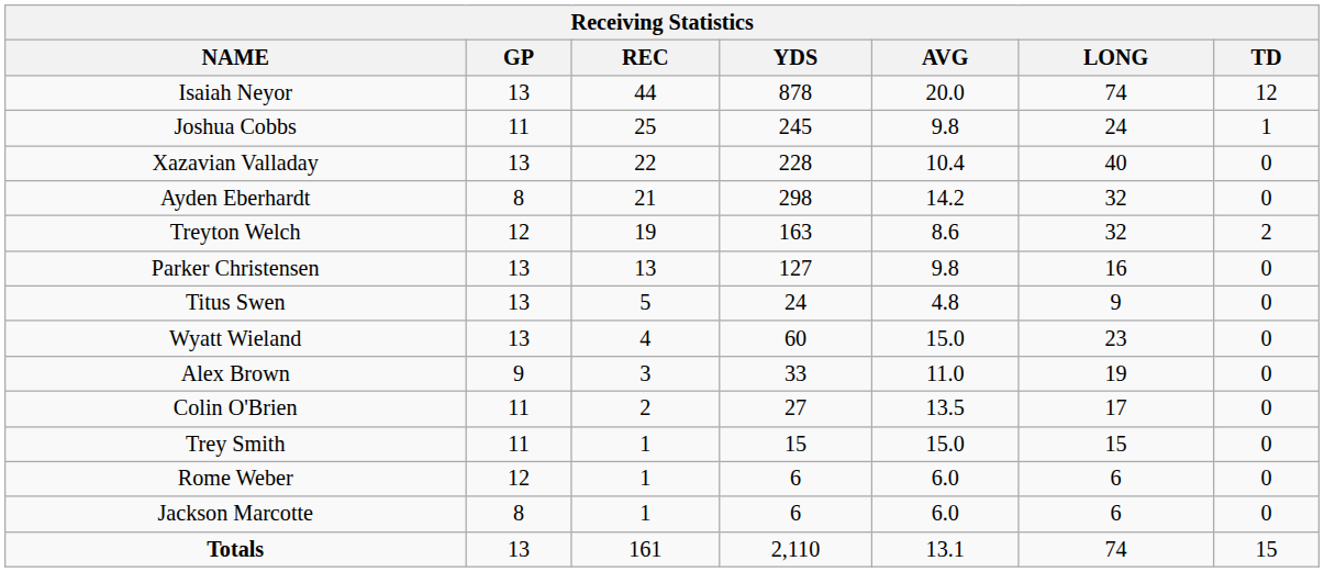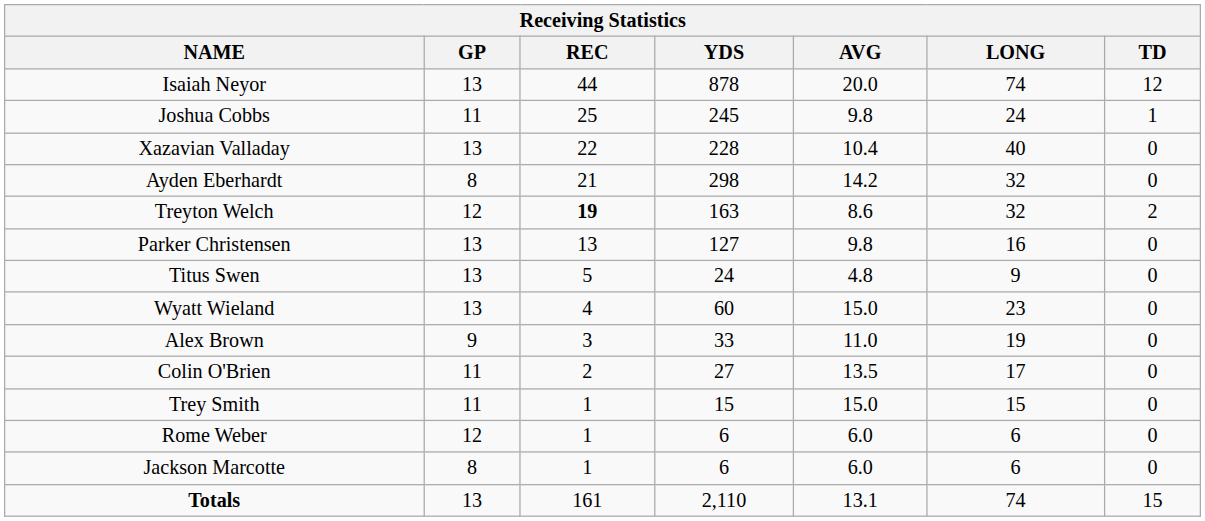 <table style="width:60%; text-align:center;" class="wikitable collapsible collapsed">
 <tr>
 <th colspan="7">Receiving Statistics</th>
 </tr>
 <tr>
 <th>NAME</th>
 <th>GP</th>
 <th>REC</th>
 <th>YDS</th>
 <th>AVG</th>
 <th>LONG</th>
 <th>TD</th>
 </tr>
 <tr>
 <td>Isaiah Neyor</td>
 <td>13</td>
 <td>44</td>
 <td>878</td>
 <td>20.0</td>
 <td>74</td>
 <td>12</td>
 </tr>
 <tr>
 <td>Joshua Cobbs</td>
 <td>11</td>
 <td>25</td>
 <td>245</td>
 <td>9.8</td>
 <td>24</td>
 <td>1</td>
 </tr>
 <tr>
 <td>Xazavian Valladay</td>
 <td>13</td>
 <td>22</td>
 <td>228</td>
 <td>10.4</td>
 <td>40</td>
 <td>0</td>
 </tr>
 <tr>
 <td>Ayden Eberhardt</td>
 <td>8</td>
 <td>21</td>
 <td>298</td>
 <td>14.2</td>
 <td>32</td>
 <td>0</td>
 </tr>
 <tr>
 <td>Treyton Welch</td>
 <td>12</td>
-<td>19</td>
+<td><strong>19</strong></td>
 <td>163</td>
 <td>8.6</td>
 <td>32</td>
 <td>2</td>
 </tr>
 <tr>
 <td>Parker Christensen</td>
 <td>13</td>
 <td>13</td>
 <td>127</td>
 <td>9.8</td>
 <td>16</td>
 <td>0</td>
 </tr>
 <tr>
 <td>Titus Swen</td>
 <td>13</td>
 <td>5</td>
 <td>24</td>
 <td>4.8</td>
 <td>9</td>
 <td>0</td>
 </tr>
 <tr>
 <td>Wyatt Wieland</td>
 <td>13</td>
 <td>4</td>
 <td>60</td>
 <td>15.0</td>
 <td>23</td>
 <td>0</td>
 </tr>
 <tr>
 <td>Alex Brown</td>
 <td>9</td>
 <td>3</td>
 <td>33</td>
 <td>11.0</td>
 <td>19</td>
 <td>0</td>
 </tr>
 <tr>
 <td>Colin O'Brien</td>
 <td>11</td>
 <td>2</td>
 <td>27</td>
 <td>13.5</td>
 <td>17</td>
 <td>0</td>
 </tr>
 <tr>
 <td>Trey Smith</td>
 <td>11</td>
 <td>1</td>
 <td>15</td>
 <td>15.0</td>
 <td>15</td>
 <td>0</td>
 </tr>
 <tr>
 <td>Rome Weber</td>
 <td>12</td>
 <td>1</td>
 <td>6</td>
 <td>6.0</td>
 <td>6</td>
 <td>0</td>
 </tr>
 <tr>
 <td>Jackson Marcotte</td>
 <td>8</td>
 <td>1</td>
 <td>6</td>
 <td>6.0</td>
 <td>6</td>
 <td>0</td>
 </tr>
 <tr>
 <td><strong>Totals</strong></td>
 <td>13</td>
 <td>161</td>
 <td>2,110</td>
 <td>13.1</td>
 <td>74</td>
 <td>15</td>
 </tr>
 </table>
